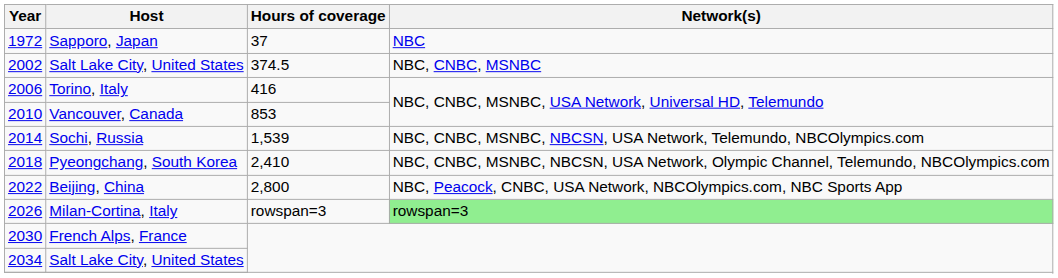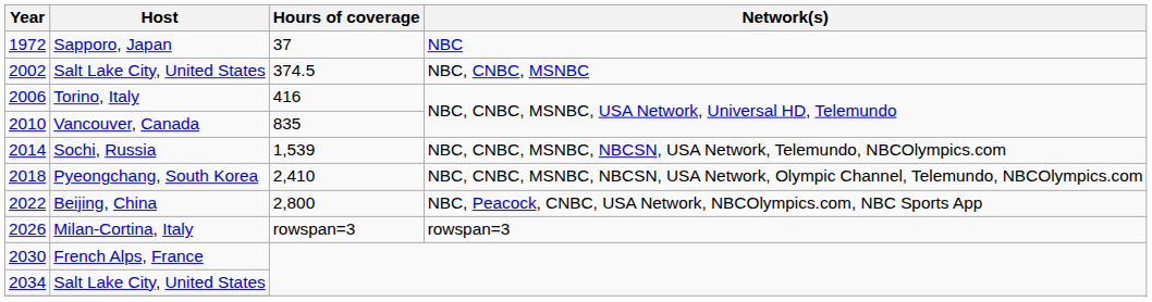 <table class="wikitable">
 <tr>
 <th>Year</th>
 <th>Host</th>
 <th>Hours of coverage</th>
 <th>Network(s)</th>
 </tr>
 <tr>
 <td><a href='#'>1972</a></td>
 <td><a href='#'>Sapporo</a>, <a href='#'>Japan</a></td>
 <td>37</td>
 <td><a href='#'>NBC</a></td>
 </tr>
 <tr>
 <td><a href='#'>2002</a></td>
 <td><a href='#'>Salt Lake City</a>, <a href='#'>United States</a></td>
 <td>374.5</td>
 <td>NBC, <a href='#'>CNBC</a>, <a href='#'>MSNBC</a></td>
 </tr>
 <tr>
 <td><a href='#'>2006</a></td>
 <td><a href='#'>Torino</a>, <a href='#'>Italy</a></td>
 <td>416</td>
 <td rowspan=2>NBC, CNBC, MSNBC, <a href='#'>USA Network</a>, <a href='#'>Universal HD</a>, <a href='#'>Telemundo</a></td>
 </tr>
 <tr>
 <td><a href='#'>2010</a></td>
 <td><a href='#'>Vancouver</a>, <a href='#'>Canada</a></td>
-<td>853</td>
+<td>835</td>
 </tr>
 <tr>
 <td><a href='#'>2014</a></td>
 <td><a href='#'>Sochi</a>, <a href='#'>Russia</a></td>
 <td>1,539</td>
 <td>NBC, CNBC, MSNBC, <a href='#'>NBCSN</a>, USA Network, Telemundo, NBCOlympics.com</td>
 </tr>
 <tr>
 <td><a href='#'>2018</a></td>
 <td><a href='#'>Pyeongchang</a>, <a href='#'>South Korea</a></td>
 <td>2,410</td>
 <td>NBC, CNBC, MSNBC, NBCSN, USA Network, Olympic Channel, Telemundo, NBCOlympics.com</td>
 </tr>
 <tr>
 <td><a href='#'>2022</a></td>
 <td><a href='#'>Beijing</a>, <a href='#'>China</a></td>
 <td>2,800</td>
 <td>NBC, <a href='#'>Peacock</a>, CNBC, USA Network, NBCOlympics.com, NBC Sports App</td>
 </tr>
 <tr>
 <td><a href='#'>2026</a></td>
 <td><a href='#'>Milan-Cortina</a>, <a href='#'>Italy</a></td>
 <td>rowspan=3 </td>
-<td style="background: lightgreen;">rowspan=3 </td>
+<td>rowspan=3 </td>
 </tr>
 <tr>
 <td><a href='#'>2030</a></td>
 <td><a href='#'>French Alps</a>, <a href='#'>France</a></td>
 </tr>
 <tr>
 <td><a href='#'>2034</a></td>
 <td><a href='#'>Salt Lake City</a>, <a href='#'>United States</a></td>
 </tr>
 <tr>
 </tr>
 </table>
